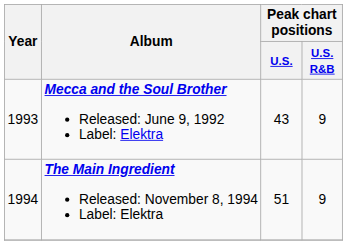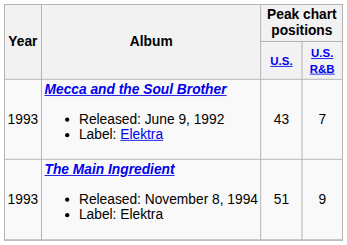 <table class="wikitable">
 <tr>
 <th rowspan="2">Year</th>
 <th rowspan="2">Album</th>
 <th colspan="2">Peak chart positions</th>
 </tr>
 <tr>
 <th width=40><small><a href='#'>U.S.</a></small></th>
 <th width=40><small><a href='#'>U.S. R&B</a></small></th>
 </tr>
 <tr>
 <td>1993</td>
 <td><strong><em><a href='#'>Mecca and the Soul Brother</a></em></strong><br><ul><li>Released: June 9, 1992</li><li>Label: <a href='#'>Elektra</a></li></ul></td>
 <td style="text-align:center;">43</td>
-<td style="text-align:center;">9</td>
+<td style="text-align:center;">7</td>
 </tr>
 <tr>
-<td>1994</td>
+<td>1993</td>
 <td><strong><em><a href='#'>The Main Ingredient</a></em></strong><br><ul><li>Released: November 8, 1994</li><li>Label: Elektra</li></ul></td>
 <td style="text-align:center;">51</td>
 <td style="text-align:center;">9</td>
 </tr>
 <tr>
 </tr>
 </table>
